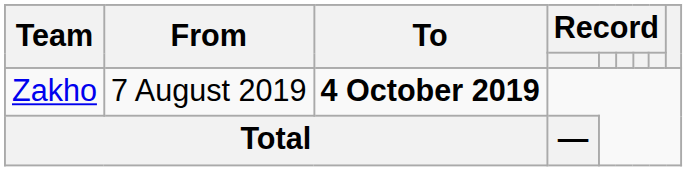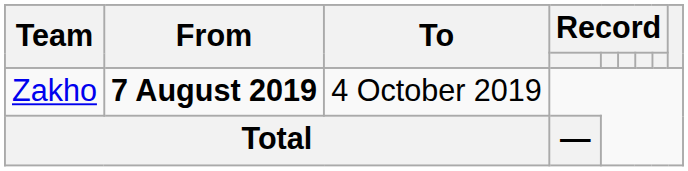 <table class=wikitable style=text-align:center>
 <tr>
 <th rowspan=2>Team</th>
 <th rowspan=2>From</th>
 <th rowspan=2>To</th>
 <th colspan=5>Record</th>
 <th rowspan=2></th>
 </tr>
 <tr>
 <th></th>
 <th></th>
 <th></th>
 <th></th>
 <th></th>
 </tr>
 <tr>
 <td align=left><a href='#'>Zakho</a></td>
-<td align=left>7 August 2019</td>
-<td align=left><strong>4 October 2019<br></strong></td>
+<td align=left><strong>7 August 2019</strong></td>
+<td align=left>4 October 2019<br></td>
 </tr>
 <tr>
 <th colspan=3>Total<br></th>
 <th>—</th>
 </tr>
 </table>
